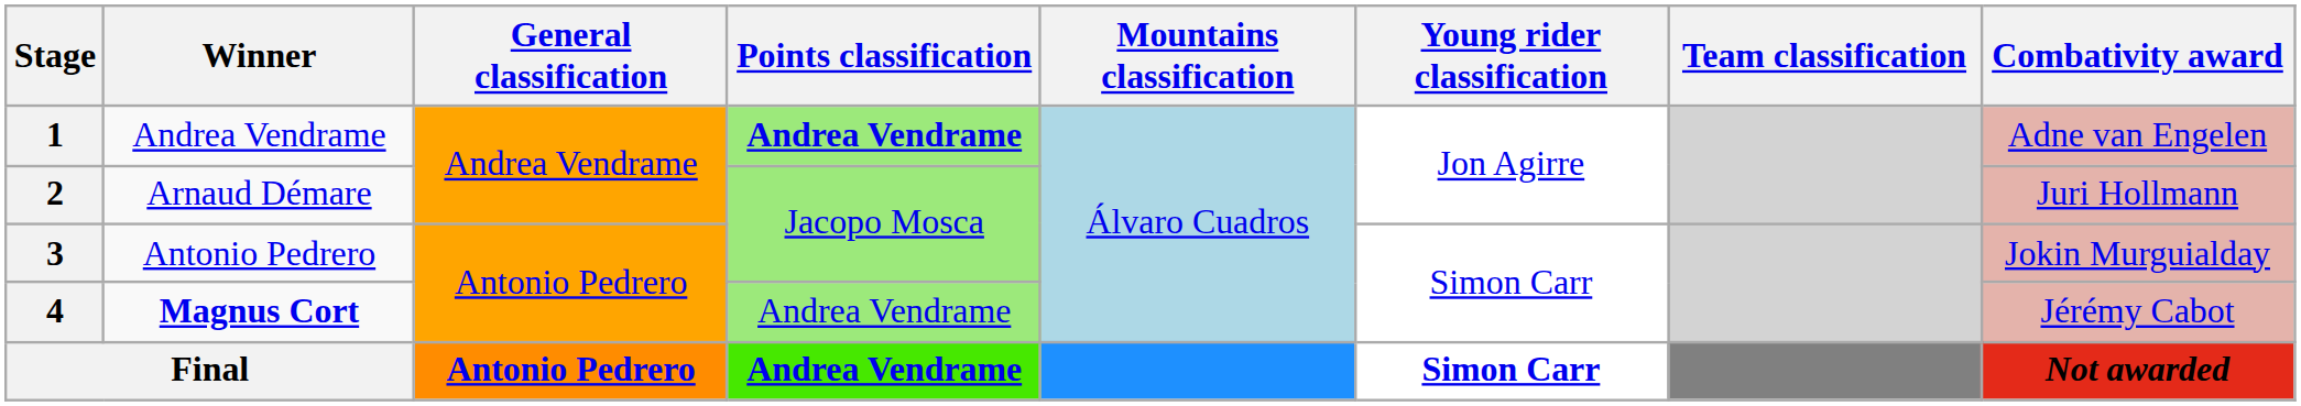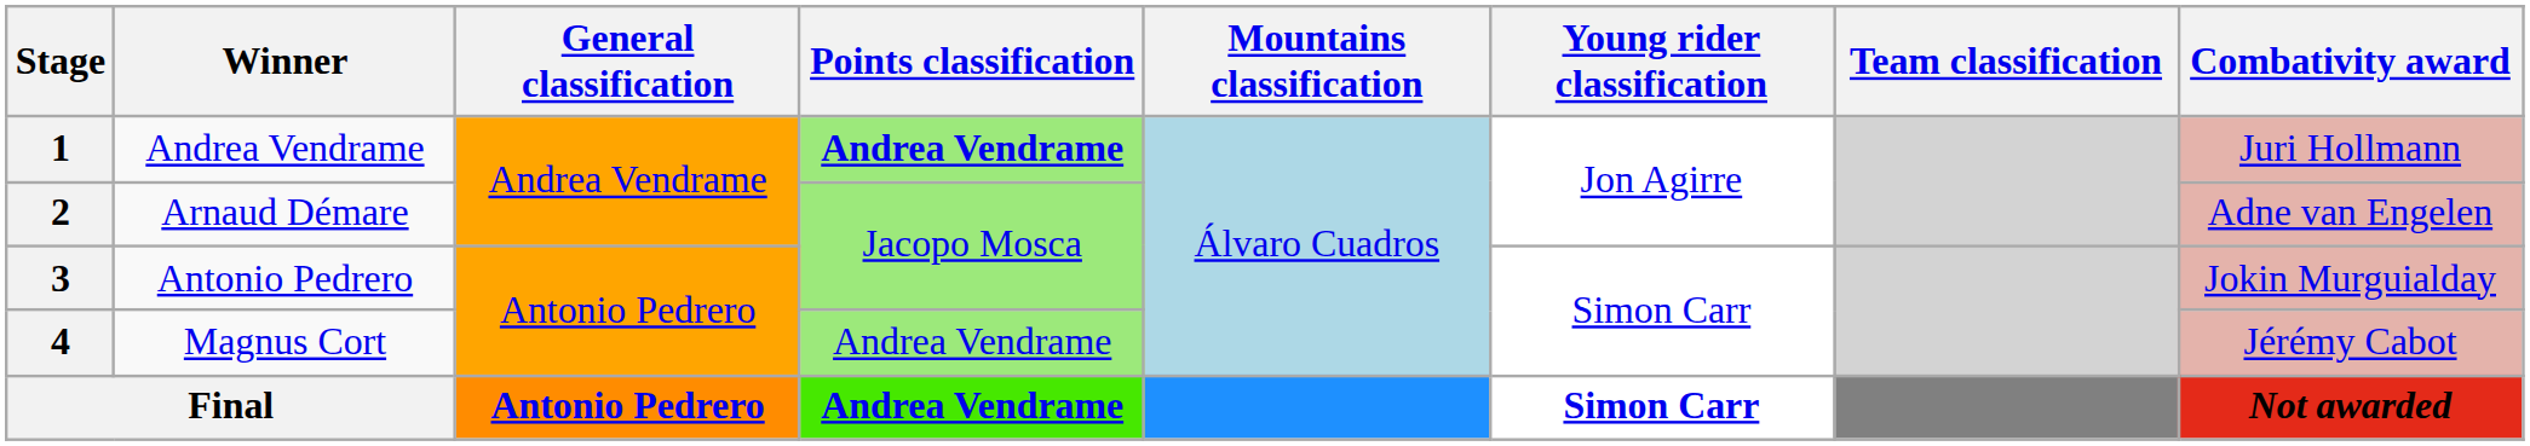 <table class="wikitable" style="text-align: center; font-size: smaller;">
 <tr>
 <th style="width:2%;">Stage</th>
 <th style="width:14%;">Winner</th>
 <th style="width:14%;"><a href='#'>General classification</a><br></th>
 <th style="width:14%;"><a href='#'>Points classification</a><br></th>
 <th style="width:14%;"><a href='#'>Mountains classification</a><br></th>
 <th style="width:14%;"><a href='#'>Young rider classification</a><br></th>
 <th style="width:14%;"><a href='#'>Team classification</a></th>
 <th style="width:14%;"><a href='#'>Combativity award</a></th>
 </tr>
 <tr>
 <th>1</th>
 <td><a href='#'>Andrea Vendrame</a></td>
 <td style="background:#FFA500;" rowspan="2"><a href='#'>Andrea Vendrame</a></td>
 <td style="background:#9CE97B;"><strong><a href='#'>Andrea Vendrame</a></strong></td>
 <td style="background:lightblue;" rowspan="4"><a href='#'>Álvaro Cuadros</a></td>
 <td style="background:white;" rowspan="2"><a href='#'>Jon Agirre</a></td>
 <td style="background:lightgrey;" rowspan="2"></td>
-<td style="background:#E4B3AB;"><a href='#'>Adne van Engelen</a></td>
+<td style="background:#E4B3AB;"><a href='#'>Juri Hollmann</a></td>
 </tr>
 <tr>
 <th>2</th>
 <td><a href='#'>Arnaud Démare</a></td>
 <td style="background:#9CE97B;" rowspan="2"><a href='#'>Jacopo Mosca</a></td>
-<td style="background:#E4B3AB;"><a href='#'>Juri Hollmann</a></td>
+<td style="background:#E4B3AB;"><a href='#'>Adne van Engelen</a></td>
 </tr>
 <tr>
 <th>3</th>
 <td><a href='#'>Antonio Pedrero</a></td>
 <td style="background:#FFA500;" rowspan="2"><a href='#'>Antonio Pedrero</a></td>
 <td style="background:white;" rowspan="2"><a href='#'>Simon Carr</a></td>
 <td style="background:lightgrey;" rowspan="2"></td>
 <td style="background:#E4B3AB;"><a href='#'>Jokin Murguialday</a></td>
 </tr>
 <tr>
 <th>4</th>
-<td><strong><a href='#'>Magnus Cort</a></strong></td>
+<td><a href='#'>Magnus Cort</a></td>
 <td style="background:#9CE97B;"><a href='#'>Andrea Vendrame</a></td>
 <td style="background:#E4B3AB;"><a href='#'>Jérémy Cabot</a></td>
 </tr>
 <tr>
 <th colspan="2">Final</th>
 <th style="background:#FF8C00;"><a href='#'>Antonio Pedrero</a></th>
 <th style="background:#46E800;"><a href='#'>Andrea Vendrame</a></th>
 <th style="background:dodgerblue;"></th>
 <th style="background:white"><a href='#'>Simon Carr</a></th>
 <th style="background:grey;"></th>
 <th style="background:#E42A19;"><em>Not awarded</em></th>
 </tr>
 </table>
